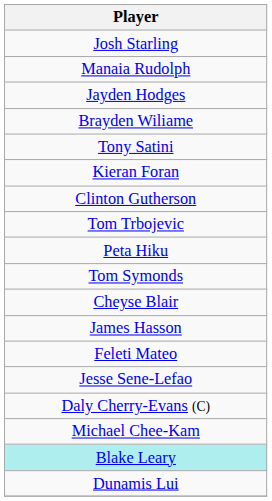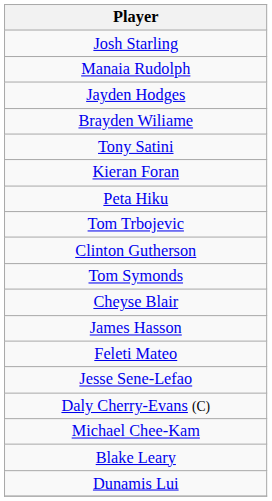 <table class="wikitable" style="text-align: center;">
 <tr>
 <th style="width:250px;">Player</th>
 </tr>
 <tr>
 <td><a href='#'>Josh Starling</a></td>
 </tr>
 <tr>
 <td><a href='#'>Manaia Rudolph</a></td>
 </tr>
 <tr>
 <td><a href='#'>Jayden Hodges</a></td>
 </tr>
 <tr>
 <td><a href='#'>Brayden Wiliame</a></td>
 </tr>
 <tr>
 <td><a href='#'>Tony Satini</a></td>
 </tr>
 <tr>
 <td><a href='#'>Kieran Foran</a></td>
 </tr>
 <tr>
-<td><a href='#'>Clinton Gutherson</a></td>
+<td><a href='#'>Peta Hiku</a></td>
 </tr>
 <tr>
 <td><a href='#'>Tom Trbojevic</a></td>
 </tr>
 <tr>
-<td><a href='#'>Peta Hiku</a></td>
+<td><a href='#'>Clinton Gutherson</a></td>
 </tr>
 <tr>
 <td><a href='#'>Tom Symonds</a></td>
 </tr>
 <tr>
 <td><a href='#'>Cheyse Blair</a></td>
 </tr>
 <tr>
 <td><a href='#'>James Hasson</a></td>
 </tr>
 <tr>
 <td><a href='#'>Feleti Mateo</a></td>
 </tr>
 <tr>
 <td><a href='#'>Jesse Sene-Lefao</a></td>
 </tr>
 <tr>
 <td><a href='#'>Daly Cherry-Evans</a> <small>(C)</small></td>
 </tr>
 <tr>
 <td><a href='#'>Michael Chee-Kam</a></td>
 </tr>
 <tr>
-<td style="background: paleturquoise;"><a href='#'>Blake Leary</a></td>
+<td><a href='#'>Blake Leary</a></td>
 </tr>
 <tr>
 <td><a href='#'>Dunamis Lui</a></td>
 </tr>
 <tr>
 </tr>
 </table>
